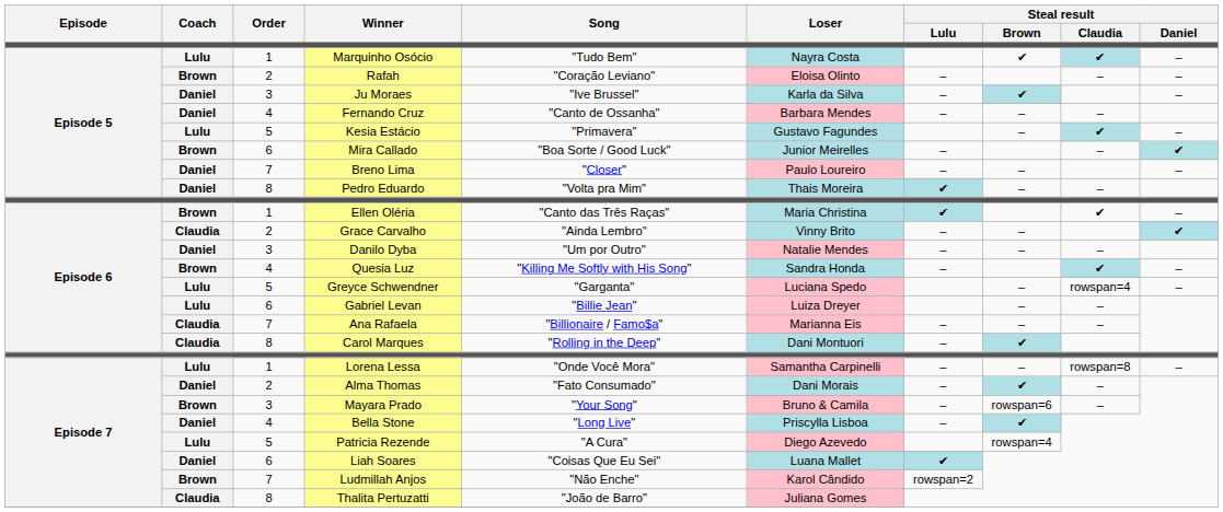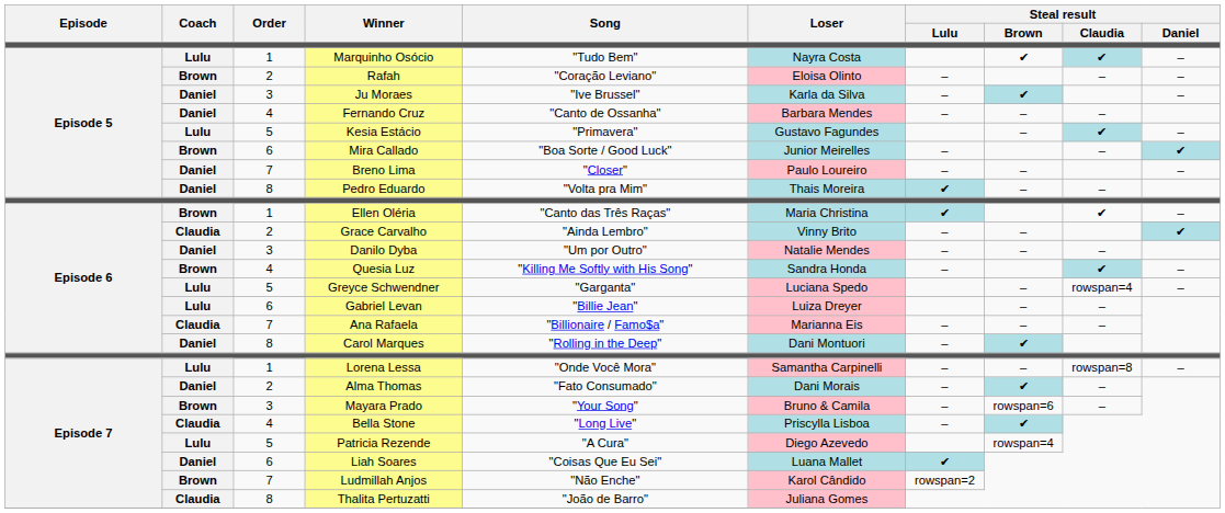 <table class="wikitable" style="text-align:center; line-height:17px; width:100%;">
 <tr>
 <th scope="col" rowspan=2 width="11%">Episode</th>
 <th scope="col" rowspan=2 width="05%">Coach</th>
 <th scope="col" rowspan=2 width="05%">Order</th>
 <th scope="col" rowspan=2 width="11%">Winner</th>
 <th scope="col" rowspan=2 width="20%">Song</th>
 <th scope="col" rowspan=2 width="11%">Loser</th>
 <th scope="col" colspan=4 width="22%">Steal result</th>
 </tr>
 <tr>
 <th width="5.5%">Lulu</th>
 <th width="5.5%">Brown</th>
 <th width="5.5%">Claudia</th>
 <th width="5.5%">Daniel</th>
 </tr>
 <tr>
 <td colspan=10 bgcolor="555555"></td>
 </tr>
 <tr>
 <th rowspan=8>Episode 5<br></th>
 <th>Lulu</th>
 <td>1</td>
 <td bgcolor="FDFC8F">Marquinho Osócio</td>
 <td>"Tudo Bem"</td>
 <td bgcolor="B0E0E6">Nayra Costa</td>
 <td></td>
 <td>✔</td>
 <td bgcolor="B0E0E6">✔</td>
 <td>–</td>
 </tr>
 <tr>
 <th>Brown</th>
 <td>2</td>
 <td bgcolor="FDFC8F">Rafah</td>
 <td>"Coração Leviano"</td>
 <td bgcolor="FFC0CB">Eloisa Olinto</td>
 <td>–</td>
 <td></td>
 <td>–</td>
 <td>–</td>
 </tr>
 <tr>
 <th>Daniel</th>
 <td>3</td>
 <td bgcolor="FDFC8F">Ju Moraes</td>
 <td>"Ive Brussel"</td>
 <td bgcolor="B0E0E6">Karla da Silva</td>
 <td>–</td>
 <td bgcolor="B0E0E6">✔</td>
 <td></td>
 <td>–</td>
 </tr>
 <tr>
 <th>Daniel</th>
 <td>4</td>
 <td bgcolor="FDFC8F">Fernando Cruz</td>
 <td>"Canto de Ossanha"</td>
 <td bgcolor="FFC0CB">Barbara Mendes</td>
 <td>–</td>
 <td>–</td>
 <td>–</td>
 <td></td>
 </tr>
 <tr>
 <th>Lulu</th>
 <td>5</td>
 <td bgcolor="FDFC8F">Kesia Estácio</td>
 <td>"Primavera"</td>
 <td bgcolor="B0E0E6">Gustavo Fagundes</td>
 <td></td>
 <td>–</td>
 <td bgcolor="B0E0E6">✔</td>
 <td>–</td>
 </tr>
 <tr>
 <th>Brown</th>
 <td>6</td>
 <td bgcolor="FDFC8F">Mira Callado</td>
 <td>"Boa Sorte / Good Luck"</td>
 <td bgcolor="B0E0E6">Junior Meirelles</td>
 <td>–</td>
 <td></td>
 <td>–</td>
 <td bgcolor="B0E0E6">✔</td>
 </tr>
 <tr>
 <th>Daniel</th>
 <td>7</td>
 <td bgcolor="FDFC8F">Breno Lima</td>
 <td>"<a href='#'>Closer</a>"</td>
 <td bgcolor="FFC0CB">Paulo Loureiro</td>
 <td>–</td>
 <td>–</td>
 <td></td>
 <td>–</td>
 </tr>
 <tr>
 <th>Daniel</th>
 <td>8</td>
 <td bgcolor="FDFC8F">Pedro Eduardo</td>
 <td>"Volta pra Mim"</td>
 <td bgcolor="B0E0E6">Thais Moreira</td>
 <td bgcolor="B0E0E6">✔</td>
 <td>–</td>
 <td>–</td>
 <td></td>
 </tr>
 <tr>
 <td colspan=10 bgcolor="555555"></td>
 </tr>
 <tr>
 <th rowspan=8>Episode 6<br></th>
 <th>Brown</th>
 <td>1</td>
 <td bgcolor="FDFC8F">Ellen Oléria</td>
 <td>"Canto das Três Raças"</td>
 <td bgcolor="B0E0E6">Maria Christina</td>
 <td bgcolor="B0E0E6">✔</td>
 <td></td>
 <td>✔</td>
 <td>–</td>
 </tr>
 <tr>
 <th>Claudia</th>
 <td>2</td>
 <td bgcolor="FDFC8F">Grace Carvalho</td>
 <td>"Ainda Lembro"</td>
 <td bgcolor="B0E0E6">Vinny Brito</td>
 <td>–</td>
 <td>–</td>
 <td></td>
 <td bgcolor="B0E0E6">✔</td>
 </tr>
 <tr>
 <th>Daniel</th>
 <td>3</td>
 <td bgcolor="FDFC8F">Danilo Dyba</td>
 <td>"Um por Outro"</td>
 <td bgcolor="FFC0CB">Natalie Mendes</td>
 <td>–</td>
 <td>–</td>
 <td>–</td>
 <td></td>
 </tr>
 <tr>
 <th>Brown</th>
 <td>4</td>
 <td bgcolor="FDFC8F">Quesia Luz</td>
 <td>"<a href='#'>Killing Me Softly with His Song</a>"</td>
 <td bgcolor="B0E0E6">Sandra Honda</td>
 <td>–</td>
 <td></td>
 <td bgcolor="B0E0E6">✔</td>
 <td>–</td>
 </tr>
 <tr>
 <th>Lulu</th>
 <td>5</td>
 <td bgcolor="FDFC8F">Greyce Schwendner</td>
 <td>"Garganta"</td>
 <td bgcolor="FFC0CB">Luciana Spedo</td>
 <td></td>
 <td>–</td>
 <td>rowspan=4 </td>
 <td>–</td>
 </tr>
 <tr>
 <th>Lulu</th>
 <td>6</td>
 <td bgcolor="FDFC8F">Gabriel Levan</td>
 <td>"<a href='#'>Billie Jean</a>"</td>
 <td bgcolor="FFC0CB">Luiza Dreyer</td>
 <td></td>
 <td>–</td>
 <td>–</td>
 </tr>
 <tr>
 <th>Claudia</th>
 <td>7</td>
 <td bgcolor="FDFC8F">Ana Rafaela</td>
 <td>"<a href='#'>Billionaire</a> / <a href='#'>Famo$a</a>"</td>
 <td bgcolor="FFC0CB">Marianna Eis</td>
 <td>–</td>
 <td>–</td>
 <td>–</td>
 </tr>
 <tr>
-<th>Claudia</th>
+<th>Daniel</th>
 <td>8</td>
 <td bgcolor="FDFC8F">Carol Marques</td>
 <td>"<a href='#'>Rolling in the Deep</a>"</td>
 <td bgcolor="B0E0E6">Dani Montuori</td>
 <td>–</td>
 <td bgcolor="B0E0E6">✔</td>
 <td></td>
 </tr>
 <tr>
 <td colspan=10 bgcolor="555555"></td>
 </tr>
 <tr>
 <th rowspan=8>Episode 7<br></th>
 <th>Lulu</th>
 <td>1</td>
 <td bgcolor="FDFC8F">Lorena Lessa</td>
 <td>"Onde Você Mora"</td>
 <td bgcolor="FFC0CB">Samantha Carpinelli</td>
 <td>–</td>
 <td>–</td>
 <td>rowspan=8 </td>
 <td>–</td>
 </tr>
 <tr>
 <th>Daniel</th>
 <td>2</td>
 <td bgcolor="FDFC8F">Alma Thomas</td>
 <td>"Fato Consumado"</td>
 <td bgcolor="B0E0E6">Dani Morais</td>
 <td>–</td>
 <td bgcolor="B0E0E6">✔</td>
 <td>–</td>
 </tr>
 <tr>
 <th>Brown</th>
 <td>3</td>
 <td bgcolor="FDFC8F">Mayara Prado</td>
 <td>"<a href='#'>Your Song</a>"</td>
 <td bgcolor="FFC0CB">Bruno & Camila</td>
 <td>–</td>
 <td>rowspan=6 </td>
 <td>–</td>
 </tr>
 <tr>
-<th>Daniel</th>
+<th>Claudia</th>
 <td>4</td>
 <td bgcolor="FDFC8F">Bella Stone</td>
 <td>"<a href='#'>Long Live</a>"</td>
 <td bgcolor="B0E0E6">Priscylla Lisboa</td>
 <td>–</td>
 <td bgcolor="B0E0E6">✔</td>
 </tr>
 <tr>
 <th>Lulu</th>
 <td>5</td>
 <td bgcolor="FDFC8F">Patricia Rezende</td>
 <td>"A Cura"</td>
 <td bgcolor="FFC0CB">Diego Azevedo</td>
 <td></td>
 <td>rowspan=4 </td>
 </tr>
 <tr>
 <th>Daniel</th>
 <td>6</td>
 <td bgcolor="FDFC8F">Liah Soares</td>
 <td>"Coisas Que Eu Sei"</td>
 <td bgcolor="B0E0E6">Luana Mallet</td>
 <td bgcolor="B0E0E6">✔</td>
 </tr>
 <tr>
 <th>Brown</th>
 <td>7</td>
 <td bgcolor="FDFC8F">Ludmillah Anjos</td>
 <td>"Não Enche"</td>
 <td bgcolor="FFC0CB">Karol Cândido</td>
 <td>rowspan=2 </td>
 </tr>
 <tr>
 <th>Claudia</th>
 <td>8</td>
 <td bgcolor="FDFC8F">Thalita Pertuzatti</td>
 <td>"João de Barro"</td>
 <td bgcolor="FFC0CB">Juliana Gomes</td>
 </tr>
 <tr>
 </tr>
 </table>
